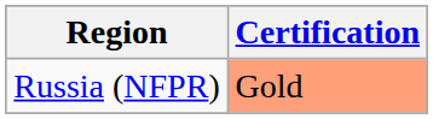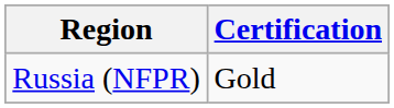 <table class="wikitable sortable">
 <tr>
 <th>Region</th>
 <th><a href='#'>Certification</a></th>
 </tr>
 <tr>
 <td><a href='#'>Russia</a> (<a href='#'>NFPR</a>)</td>
-<td style="background: lightsalmon;">Gold</td>
+<td>Gold</td>
 </tr>
 </table>
